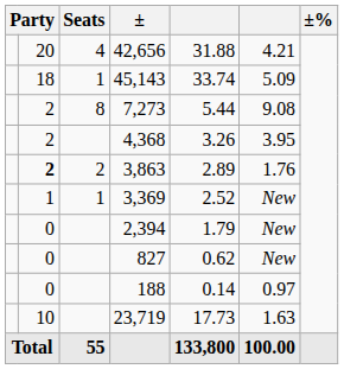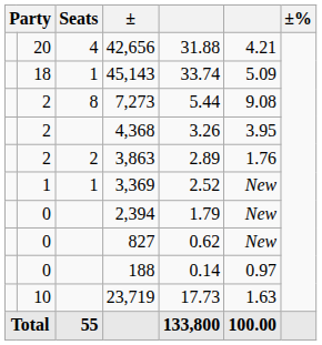 <table class=wikitable>
 <tr>
 <th colspan=2 align=center>Party</th>
 <th>Seats</th>
 <th>±</th>
 <th></th>
 <th></th>
 <th>±%</th>
 </tr>
 <tr>
 <td></td>
 <td align=right>20</td>
 <td align=right>4</td>
 <td align=right>42,656</td>
 <td align=right>31.88</td>
 <td align=right>4.21</td>
 </tr>
 <tr>
 <td></td>
 <td align=right>18</td>
 <td align=right> 1</td>
 <td align=right>45,143</td>
 <td align=right>33.74</td>
 <td align=right>5.09</td>
 </tr>
 <tr>
 <td></td>
 <td align=right>2</td>
 <td align=right> 8</td>
 <td align=right>7,273</td>
 <td align=right>5.44</td>
 <td align=right>9.08</td>
 </tr>
 <tr>
 <td></td>
 <td align=right>2</td>
 <td align=right></td>
 <td align=right>4,368</td>
 <td align=right>3.26</td>
 <td align=right>3.95</td>
 </tr>
 <tr>
 <td></td>
-<td align=right><strong>2</strong></td>
+<td align=right>2</td>
 <td align=right>2</td>
 <td align=right>3,863</td>
 <td align=right>2.89</td>
 <td align=right>1.76</td>
 </tr>
 <tr>
 <td></td>
 <td align=right>1</td>
 <td align=right>1</td>
 <td align=right>3,369</td>
 <td align=right>2.52</td>
 <td align=right><em>New</em></td>
 </tr>
 <tr>
 <td></td>
 <td align=right>0</td>
 <td align=right></td>
 <td align=right>2,394</td>
 <td align=right>1.79</td>
 <td align=right><em>New</em></td>
 </tr>
 <tr>
 <td></td>
 <td align=right>0</td>
 <td align=right></td>
 <td align=right>827</td>
 <td align=right>0.62</td>
 <td align=right><em>New</em></td>
 </tr>
 <tr>
 <td></td>
 <td align=right>0</td>
 <td align=right></td>
 <td align=right>188</td>
 <td align=right>0.14</td>
 <td align=right>0.97</td>
 </tr>
 <tr>
 <td></td>
 <td align=right>10</td>
 <td align=right></td>
 <td align=right>23,719</td>
 <td align=right>17.73</td>
 <td align=right>1.63</td>
 </tr>
 <tr style="font-weight:bold; background:rgb(232,232,232);">
 <td colspan=2 align=center>Total</td>
 <td align=right>55</td>
 <td align=right></td>
 <td align=right>133,800</td>
 <td align=right>100.00</td>
 <td align=right></td>
 </tr>
 </table>
